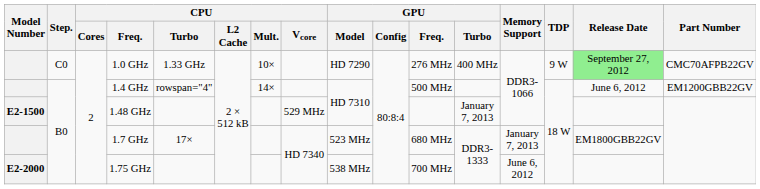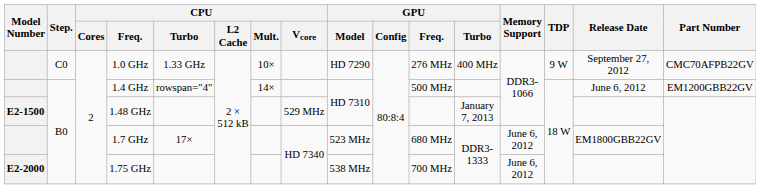 <table class="wikitable" style="text-align: center;">
 <tr>
 <th rowspan="2">Model Number</th>
 <th rowspan="2">Step.</th>
 <th colspan="6">CPU</th>
 <th colspan="4">GPU</th>
 <th rowspan="2">Memory<br>Support</th>
 <th rowspan="2">TDP</th>
 <th rowspan="2">Release Date</th>
 <th rowspan="2">Part Number</th>
 </tr>
 <tr>
 <th>Cores</th>
 <th>Freq.</th>
 <th>Turbo</th>
 <th>L2 Cache</th>
 <th>Mult.</th>
 <th>V<sub>core</sub></th>
 <th>Model</th>
 <th>Config</th>
 <th>Freq.</th>
 <th>Turbo</th>
 </tr>
 <tr>
 <th style="text-align: left;"></th>
 <td>C0</td>
 <td rowspan="5">2</td>
 <td>1.0 GHz</td>
 <td>1.33 GHz</td>
 <td rowspan="5">2 × 512 kB</td>
 <td>10×</td>
 <td></td>
 <td>HD 7290</td>
 <td rowspan="5">80:8:4</td>
 <td>276 MHz</td>
 <td>400 MHz</td>
 <td rowspan="3">DDR3-1066</td>
 <td>9 W</td>
-<td style="background: lightgreen;">September 27, 2012</td>
+<td>September 27, 2012</td>
 <td>CMC70AFPB22GV</td>
 </tr>
 <tr>
 <th style="text-align: left;"></th>
 <td rowspan="4">B0</td>
 <td>1.4 GHz</td>
 <td>rowspan="4" </td>
 <td>14×</td>
 <td></td>
 <td rowspan="2">HD 7310</td>
 <td>500 MHz</td>
 <td></td>
 <td rowspan="4">18 W</td>
 <td>June 6, 2012</td>
 <td>EM1200GBB22GV</td>
 </tr>
 <tr>
 <th style="text-align: left;">E2-1500</th>
 <td>1.48 GHz</td>
 <td></td>
 <td></td>
 <td>529 MHz</td>
 <td></td>
 <td>January 7, 2013</td>
 <td></td>
 </tr>
 <tr>
 <th style="text-align: left;"></th>
 <td>1.7 GHz</td>
 <td>17×</td>
 <td></td>
 <td rowspan="2">HD 7340</td>
 <td>523 MHz</td>
 <td>680 MHz</td>
 <td rowspan="2">DDR3-1333</td>
-<td>January 7, 2013</td>
+<td>June 6, 2012</td>
 <td>EM1800GBB22GV</td>
 </tr>
 <tr>
 <th style="text-align: left;">E2-2000</th>
 <td>1.75 GHz</td>
 <td></td>
 <td></td>
 <td>538 MHz</td>
 <td>700 MHz</td>
 <td>June 6, 2012</td>
 <td></td>
 </tr>
 </table>
